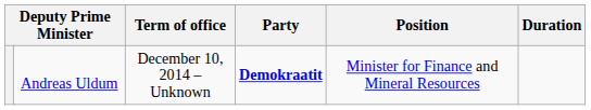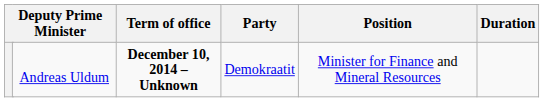 <table class="wikitable" style="text-align:center">
 <tr>
 <th colspan=3>Deputy Prime Minister</th>
 <th>Term of office</th>
 <th>Party</th>
 <th>Position</th>
 <th>Duration</th>
 </tr>
 <tr>
 <th colspan=2 style="background:"></th>
 <td><br> <a href='#'>Andreas Uldum</a></td>
-<td>December 10, 2014 –<br>Unknown</td>
-<td><strong><a href='#'>Demokraatit</a></strong></td>
+<td><strong>December 10, 2014 –<br>Unknown</strong></td>
+<td><a href='#'>Demokraatit</a></td>
 <td><a href='#'>Minister for Finance</a> and <a href='#'>Mineral Resources</a></td>
 <td></td>
 </tr>
 </table>
